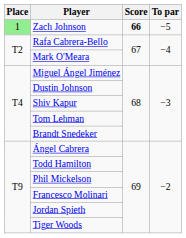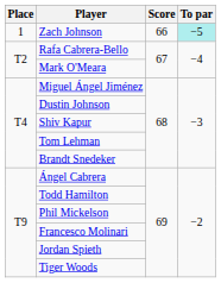 <table class="wikitable">
 <tr>
 <th>Place</th>
 <th>Player</th>
 <th>Score</th>
 <th>To par</th>
 </tr>
 <tr>
-<td align=center style="background: lightgreen;">1</td>
+<td align=center>1</td>
 <td> <a href='#'>Zach Johnson</a></td>
-<td align=center><strong>66</strong></td>
-<td align=center>−5</td>
+<td align=center>66</td>
+<td align=center style="background: paleturquoise;">−5</td>
 </tr>
 <tr>
 <td align=center rowspan=2>T2</td>
 <td> <a href='#'>Rafa Cabrera-Bello</a></td>
 <td align=center rowspan=2>67</td>
 <td align=center rowspan=2>−4</td>
 </tr>
 <tr>
 <td> <a href='#'>Mark O'Meara</a></td>
 </tr>
 <tr>
 <td align=center rowspan=5>T4</td>
 <td> <a href='#'>Miguel Ángel Jiménez</a></td>
 <td align=center rowspan=5>68</td>
 <td align=center rowspan=5>−3</td>
 </tr>
 <tr>
 <td> <a href='#'>Dustin Johnson</a></td>
 </tr>
 <tr>
 <td> <a href='#'>Shiv Kapur</a></td>
 </tr>
 <tr>
 <td> <a href='#'>Tom Lehman</a></td>
 </tr>
 <tr>
 <td> <a href='#'>Brandt Snedeker</a></td>
 </tr>
 <tr>
 <td align=center rowspan=6>T9</td>
 <td> <a href='#'>Ángel Cabrera</a></td>
 <td align=center rowspan=6>69</td>
 <td align=center rowspan=6>−2</td>
 </tr>
 <tr>
 <td> <a href='#'>Todd Hamilton</a></td>
 </tr>
 <tr>
 <td> <a href='#'>Phil Mickelson</a></td>
 </tr>
 <tr>
 <td> <a href='#'>Francesco Molinari</a></td>
 </tr>
 <tr>
 <td> <a href='#'>Jordan Spieth</a></td>
 </tr>
 <tr>
 <td> <a href='#'>Tiger Woods</a></td>
 </tr>
 </table>
